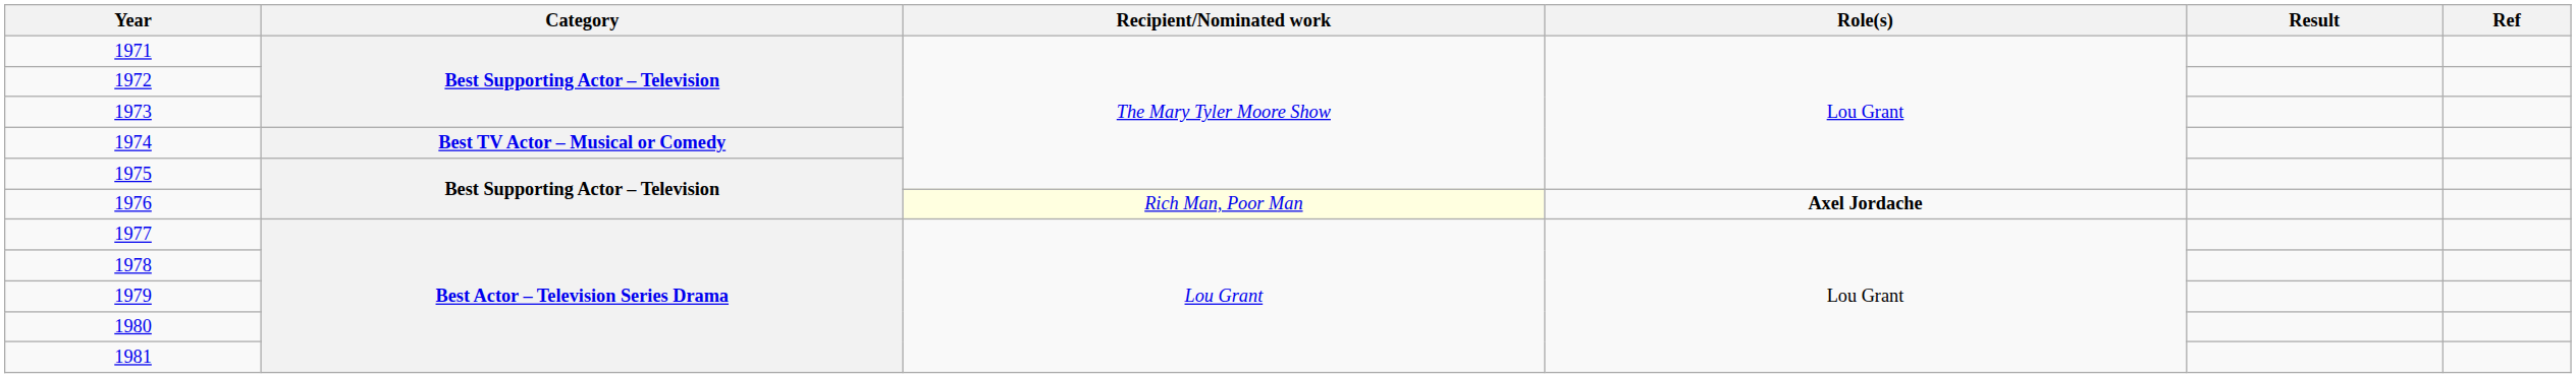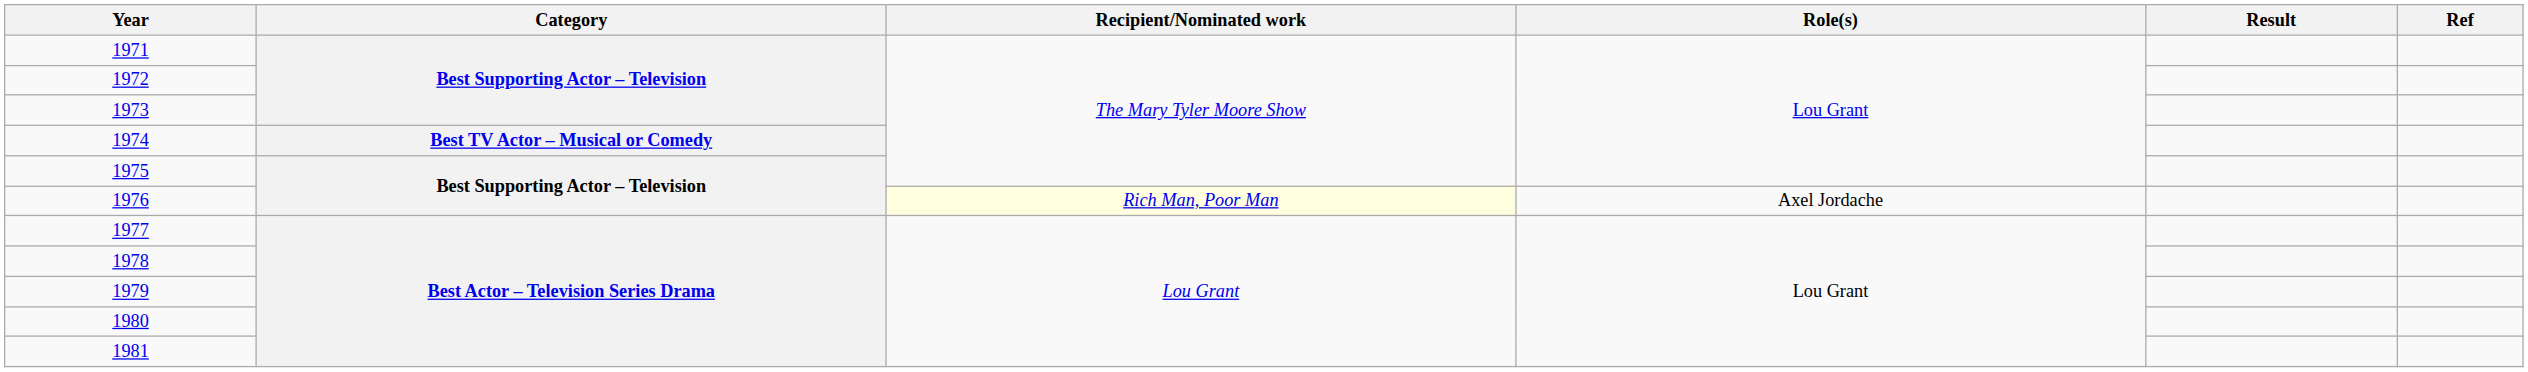 <table class="wikitable plainrowheaders" style="font-size: 90%; text-align:center" width=100%>
 <tr>
 <th scope="col" width="10%">Year</th>
 <th scope="col" width="25%">Category</th>
 <th scope="col" width="25%">Recipient/Nominated work</th>
 <th scope="col" width="25%">Role(s)</th>
 <th scope="col" width="10%">Result</th>
 <th scope="col" width="5%">Ref</th>
 </tr>
 <tr>
 <td><a href='#'>1971</a></td>
 <th scope="row" style="text-align:center" rowspan="3"><a href='#'>Best Supporting Actor – Television</a></th>
 <td rowspan="5"><em><a href='#'>The Mary Tyler Moore Show</a></em></td>
 <td rowspan="5"><a href='#'>Lou Grant</a></td>
 <td></td>
 <td></td>
 </tr>
 <tr>
 <td><a href='#'>1972</a></td>
 <td></td>
 <td></td>
 </tr>
 <tr>
 <td><a href='#'>1973</a></td>
 <td></td>
 <td></td>
 </tr>
 <tr>
 <td><a href='#'>1974</a></td>
 <th scope="row" style="text-align:center"><a href='#'>Best TV Actor – Musical or Comedy</a></th>
 <td></td>
 <td></td>
 </tr>
 <tr>
 <td><a href='#'>1975</a></td>
 <th scope="row" style="text-align:center" rowspan="2">Best Supporting Actor – Television</th>
 <td></td>
 <td></td>
 </tr>
 <tr>
 <td><a href='#'>1976</a></td>
 <td style="background: lightyellow;"><em><a href='#'>Rich Man, Poor Man</a></em></td>
-<td><strong>Axel Jordache</strong></td>
+<td>Axel Jordache</td>
 <td></td>
 <td></td>
 </tr>
 <tr>
 <td><a href='#'>1977</a></td>
 <th scope="row" style="text-align:center" rowspan="5"><a href='#'>Best Actor – Television Series Drama</a></th>
 <td rowspan="5"><em><a href='#'>Lou Grant</a></em></td>
 <td rowspan="5">Lou Grant</td>
 <td></td>
 <td></td>
 </tr>
 <tr>
 <td><a href='#'>1978</a></td>
 <td></td>
 <td></td>
 </tr>
 <tr>
 <td><a href='#'>1979</a></td>
 <td></td>
 <td></td>
 </tr>
 <tr>
 <td><a href='#'>1980</a></td>
 <td></td>
 <td></td>
 </tr>
 <tr>
 <td><a href='#'>1981</a></td>
 <td></td>
 <td></td>
 </tr>
 </table>
